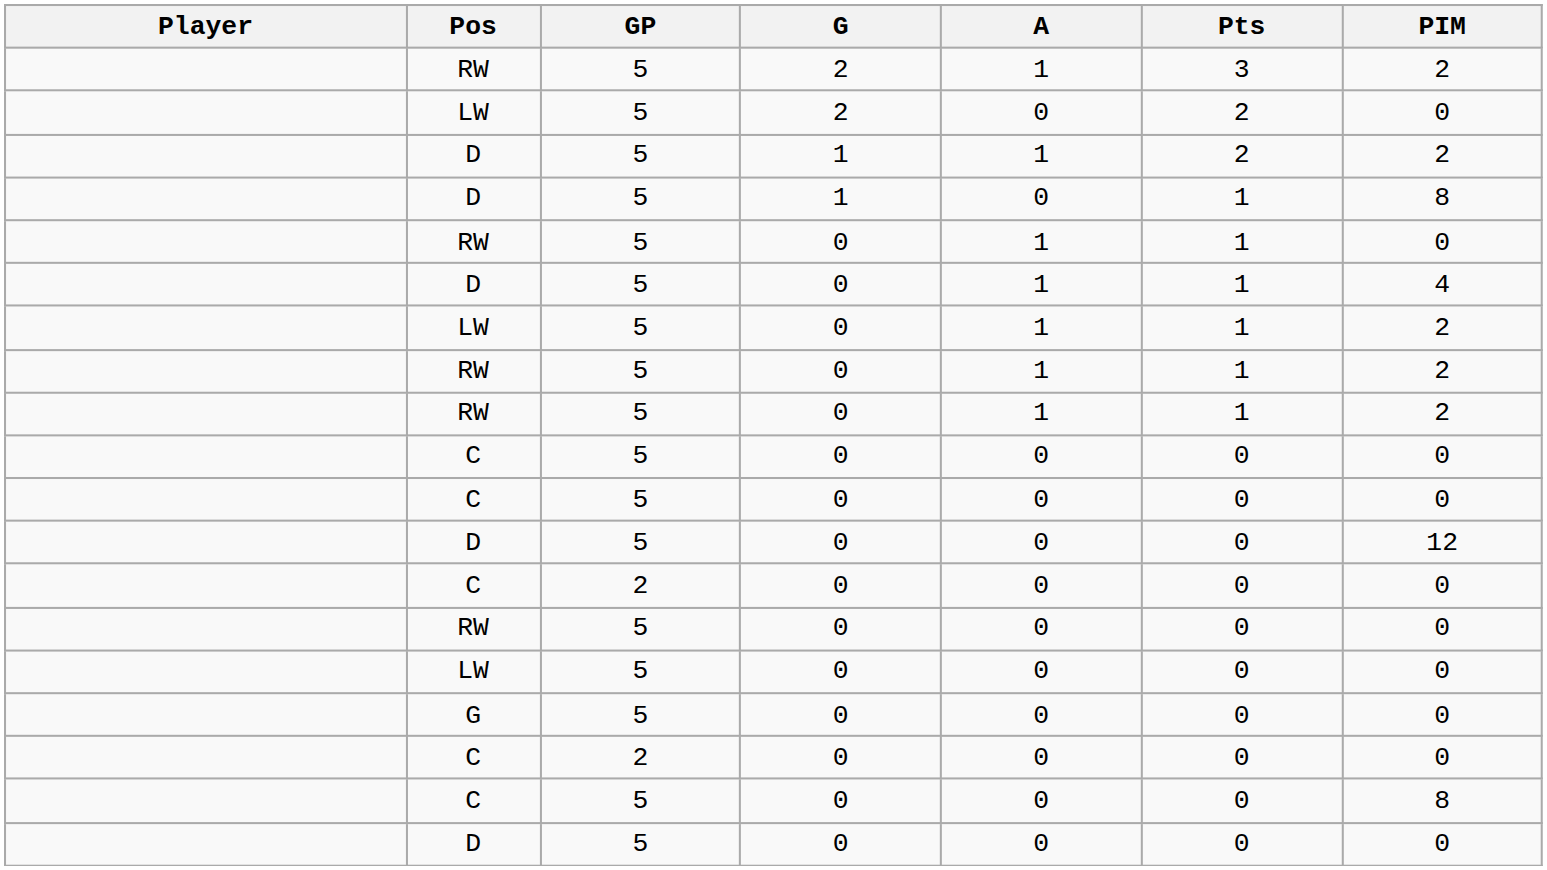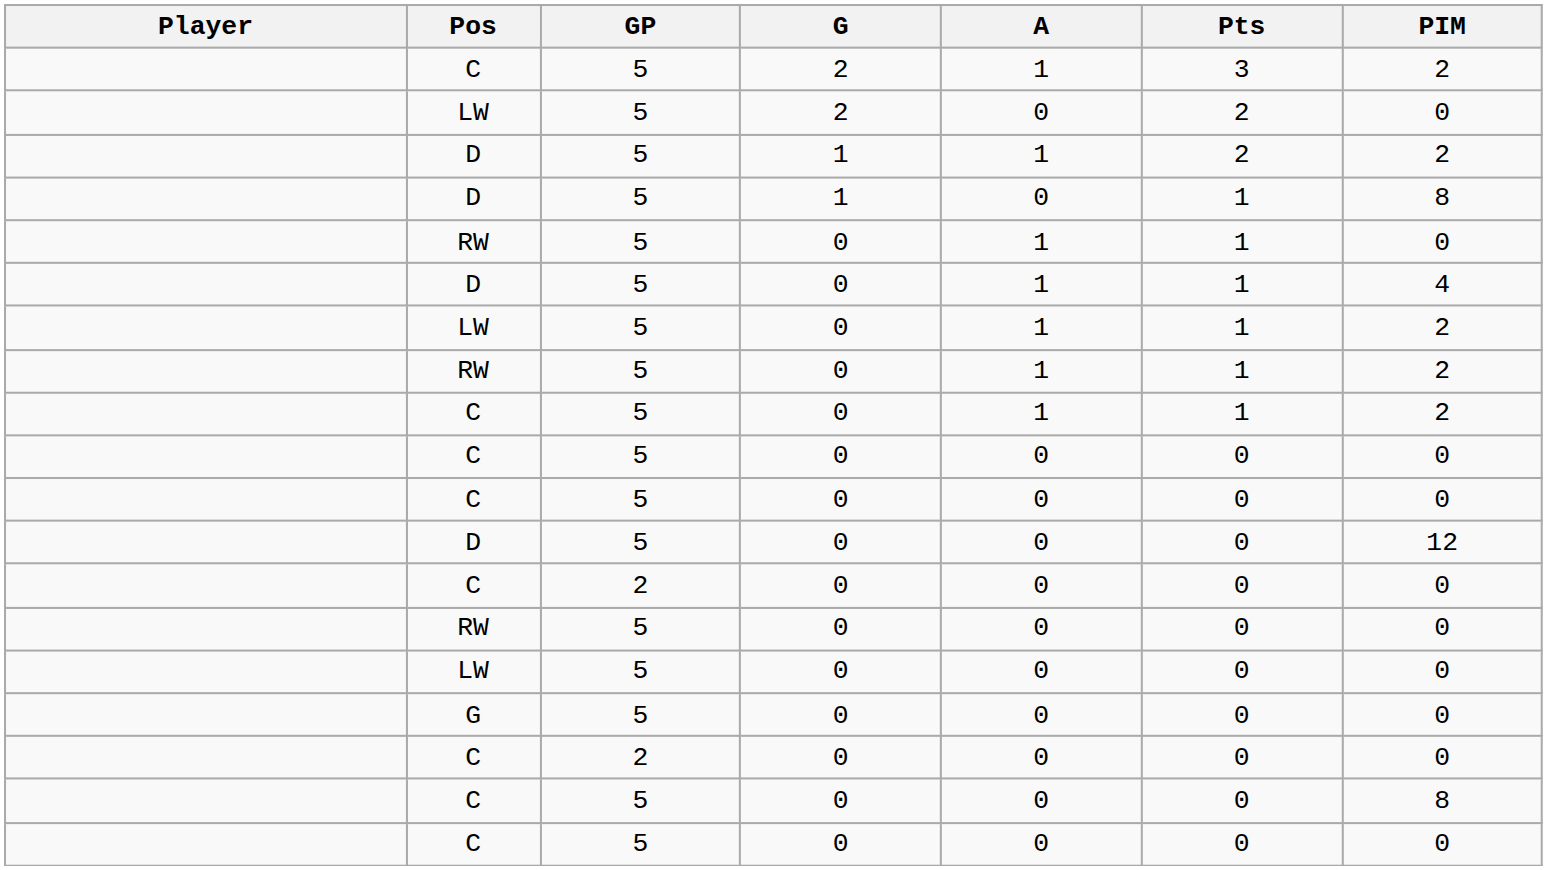 <table class="wikitable sortable" width="60%">
 <tr ALIGN="center">
 <th bgcolor="#DDDDFF" width="10%">Player</th>
 <th bgcolor="#DDDDFF" width="3%" title="Position">Pos</th>
 <th bgcolor="#DDDDFF" width="5%" title="Games played">GP</th>
 <th bgcolor="#DDDDFF" width="5%" title="Goals">G</th>
 <th bgcolor="#DDDDFF" width="5%" title="Assists">A</th>
 <th bgcolor="#DDDDFF" width="5%" title="Points">Pts</th>
 <th bgcolor="#DDDDFF" width="5%" title="Penalties in Minutes">PIM</th>
 </tr>
 <tr align="center">
 <td align="right"></td>
-<td>RW</td>
+<td>C</td>
 <td>5</td>
 <td>2</td>
 <td>1</td>
 <td>3</td>
 <td>2</td>
 </tr>
 <tr align="center">
 <td align="right"></td>
 <td>LW</td>
 <td>5</td>
 <td>2</td>
 <td>0</td>
 <td>2</td>
 <td>0</td>
 </tr>
 <tr align="center">
 <td align="right"></td>
 <td>D</td>
 <td>5</td>
 <td>1</td>
 <td>1</td>
 <td>2</td>
 <td>2</td>
 </tr>
 <tr align="center">
 <td align="right"></td>
 <td>D</td>
 <td>5</td>
 <td>1</td>
 <td>0</td>
 <td>1</td>
 <td>8</td>
 </tr>
 <tr align="center">
 <td align="right"></td>
 <td>RW</td>
 <td>5</td>
 <td>0</td>
 <td>1</td>
 <td>1</td>
 <td>0</td>
 </tr>
 <tr align="center">
 <td align="right"></td>
 <td>D</td>
 <td>5</td>
 <td>0</td>
 <td>1</td>
 <td>1</td>
 <td>4</td>
 </tr>
 <tr align="center">
 <td align="right"></td>
 <td>LW</td>
 <td>5</td>
 <td>0</td>
 <td>1</td>
 <td>1</td>
 <td>2</td>
 </tr>
 <tr align="center">
 <td align="right"></td>
 <td>RW</td>
 <td>5</td>
 <td>0</td>
 <td>1</td>
 <td>1</td>
 <td>2</td>
 </tr>
 <tr align="center">
 <td align="right"></td>
-<td>RW</td>
+<td>C</td>
 <td>5</td>
 <td>0</td>
 <td>1</td>
 <td>1</td>
 <td>2</td>
 </tr>
 <tr align="center">
 <td align="right"></td>
 <td>C</td>
 <td>5</td>
 <td>0</td>
 <td>0</td>
 <td>0</td>
 <td>0</td>
 </tr>
 <tr align="center">
 <td align="right"></td>
 <td>C</td>
 <td>5</td>
 <td>0</td>
 <td>0</td>
 <td>0</td>
 <td>0</td>
 </tr>
 <tr align="center">
 <td align="right"></td>
 <td>D</td>
 <td>5</td>
 <td>0</td>
 <td>0</td>
 <td>0</td>
 <td>12</td>
 </tr>
 <tr align="center">
 <td align="right"></td>
 <td>C</td>
 <td>2</td>
 <td>0</td>
 <td>0</td>
 <td>0</td>
 <td>0</td>
 </tr>
 <tr align="center">
 <td align="right"></td>
 <td>RW</td>
 <td>5</td>
 <td>0</td>
 <td>0</td>
 <td>0</td>
 <td>0</td>
 </tr>
 <tr align="center">
 <td align="right"></td>
 <td>LW</td>
 <td>5</td>
 <td>0</td>
 <td>0</td>
 <td>0</td>
 <td>0</td>
 </tr>
 <tr align="center">
 <td align="right"></td>
 <td>G</td>
 <td>5</td>
 <td>0</td>
 <td>0</td>
 <td>0</td>
 <td>0</td>
 </tr>
 <tr align="center">
 <td align="right"></td>
 <td>C</td>
 <td>2</td>
 <td>0</td>
 <td>0</td>
 <td>0</td>
 <td>0</td>
 </tr>
 <tr align="center">
 <td align="right"></td>
 <td>C</td>
 <td>5</td>
 <td>0</td>
 <td>0</td>
 <td>0</td>
 <td>8</td>
 </tr>
 <tr align="center">
 <td align="right"></td>
-<td>D</td>
+<td>C</td>
 <td>5</td>
 <td>0</td>
 <td>0</td>
 <td>0</td>
 <td>0</td>
 </tr>
 </table>
